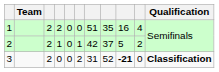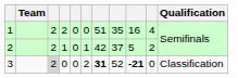 <table class="wikitable">
 <tr>
 <th></th>
 <th>Team</th>
 <th></th>
 <th></th>
 <th></th>
 <th></th>
 <th></th>
 <th></th>
 <th></th>
 <th></th>
 <th>Qualification</th>
 </tr>
 <tr bgcolor=ccffcc>
 <td>1</td>
 <td></td>
 <td>2</td>
 <td>2</td>
 <td>0</td>
 <td>0</td>
 <td>51</td>
 <td>35</td>
 <td>16</td>
 <td>4</td>
 <td rowspan=2>Semifinals</td>
 </tr>
 <tr bgcolor=ccffcc>
 <td>2</td>
 <td></td>
 <td>2</td>
 <td>1</td>
 <td>0</td>
 <td>1</td>
 <td>42</td>
 <td>37</td>
 <td>5</td>
 <td>2</td>
 </tr>
 <tr>
 <td>3</td>
 <td></td>
-<td>2</td>
+<td style="background: lightgrey;">2</td>
 <td>0</td>
 <td>0</td>
 <td>2</td>
-<td>31</td>
+<td><strong>31</strong></td>
 <td>52</td>
 <td><strong>-21</strong></td>
 <td>0</td>
-<td><strong>Classification</strong></td>
+<td>Classification</td>
 </tr>
 </table>
